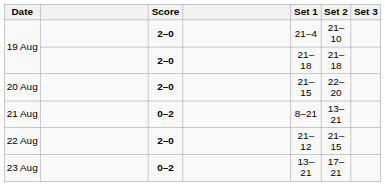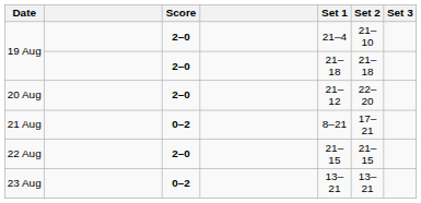 <table class="wikitable" style="text-align: center;">
 <tr>
 <th width="60">Date</th>
 <th align="right" width="270"></th>
 <th width="50">Score</th>
 <th align="left" width="270"></th>
 <th width="50">Set 1</th>
 <th width="50">Set 2</th>
 <th width="50">Set 3</th>
 </tr>
 <tr>
 <td rowspan=2>19 Aug</td>
 <td align=left><strong></strong></td>
 <td align=center><strong>2–0</strong></td>
 <td align=left></td>
 <td>21–4</td>
 <td>21–10</td>
 <td></td>
 </tr>
 <tr>
 <td align=left><strong></strong></td>
 <td align=center><strong>2–0</strong></td>
 <td align=left></td>
 <td>21–18</td>
 <td>21–18</td>
 <td></td>
 </tr>
 <tr>
 <td>20 Aug</td>
 <td align=left><strong></strong></td>
 <td align=center><strong>2–0</strong></td>
 <td align=left></td>
-<td>21–15</td>
+<td>21–12</td>
 <td>22–20</td>
 <td></td>
 </tr>
 <tr>
 <td>21 Aug</td>
 <td align=left></td>
 <td align=center><strong>0–2</strong></td>
 <td align=left><strong></strong></td>
 <td>8–21</td>
-<td>13–21</td>
+<td>17–21</td>
 <td></td>
 </tr>
 <tr>
 <td>22 Aug</td>
 <td align=left><strong></strong></td>
 <td align=center><strong>2–0</strong></td>
 <td align=left></td>
-<td>21–12</td>
+<td>21–15</td>
 <td>21–15</td>
 <td></td>
 </tr>
 <tr>
 <td>23 Aug</td>
 <td align=left></td>
 <td align=center><strong>0–2</strong></td>
 <td align=left><strong></strong></td>
 <td>13–21</td>
-<td>17–21</td>
+<td>13–21</td>
 <td></td>
 </tr>
 </table>
